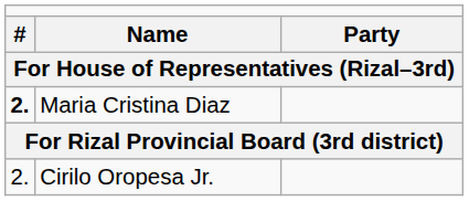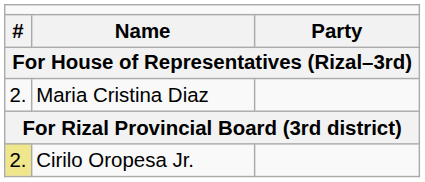 <table class="wikitable" style="font-size:90%">
 <tr>
 <td colspan="4"></td>
 </tr>
 <tr>
 <th>#</th>
 <th width=150px>Name</th>
 <th colspan=2 width=110px>Party</th>
 </tr>
 <tr>
 <th colspan="4">For House of Representatives (Rizal–3rd)</th>
 </tr>
 <tr>
-<td><strong>2.</strong></td>
+<td>2.</td>
 <td>Maria Cristina Diaz</td>
 <td></td>
 </tr>
 <tr>
 <th colspan="4">For Rizal Provincial Board (3rd district)</th>
 </tr>
 <tr>
-<td>2.</td>
+<td style="background: khaki;">2.</td>
 <td>Cirilo Oropesa Jr.</td>
 <td></td>
 </tr>
 </table>
